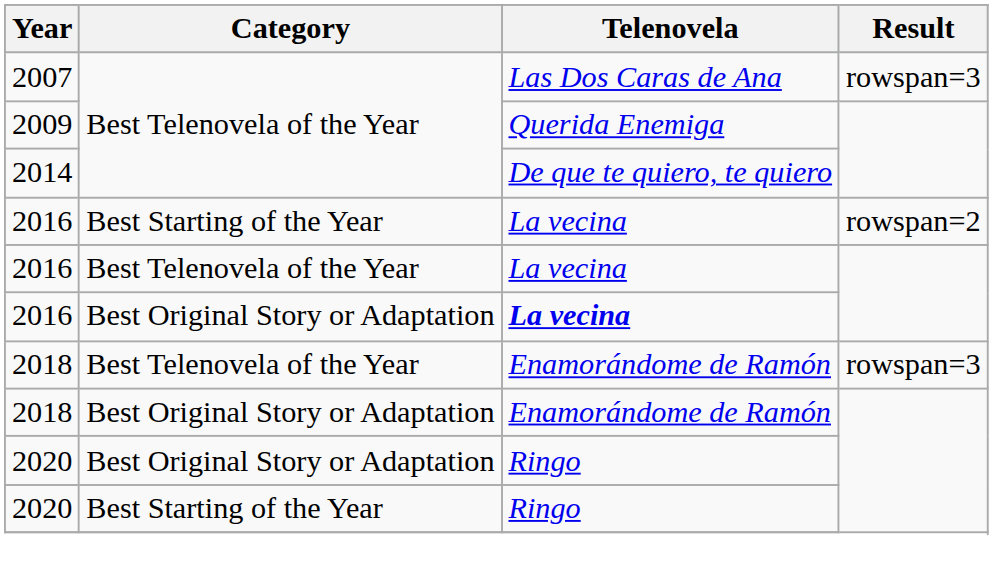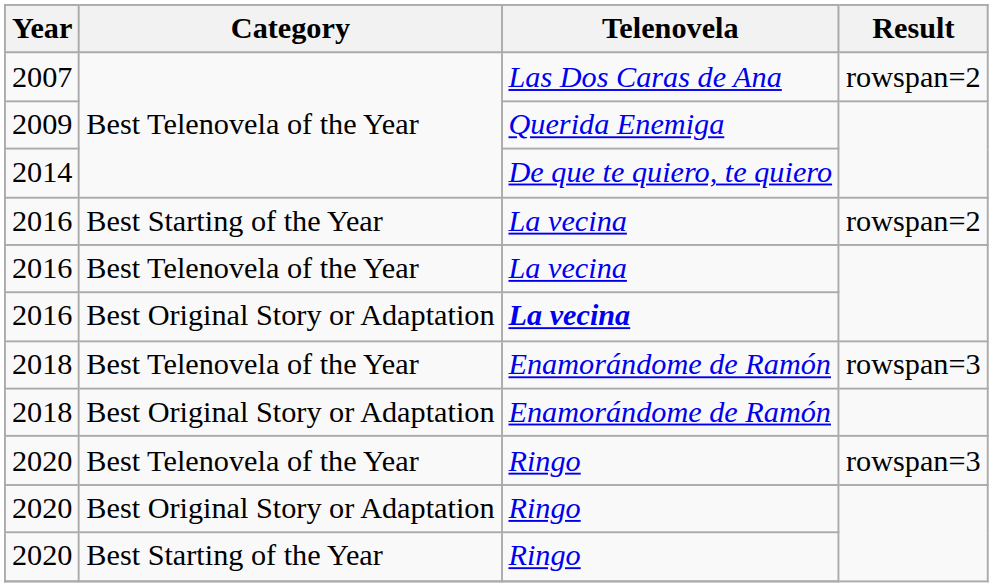 <table class="wikitable">
 <tr style="background:#b0c4de;">
 <th>Year</th>
 <th>Category</th>
 <th>Telenovela</th>
 <th>Result</th>
 </tr>
 <tr>
 <td>2007</td>
 <td rowspan=3>Best Telenovela of the Year</td>
 <td><em><a href='#'>Las Dos Caras de Ana</a></em></td>
-<td>rowspan=3 </td>
+<td>rowspan=2 </td>
 </tr>
 <tr>
 <td>2009</td>
 <td><em><a href='#'>Querida Enemiga</a></em></td>
 </tr>
 <tr>
 <td>2014</td>
 <td><em><a href='#'>De que te quiero, te quiero</a></em></td>
 </tr>
 <tr>
 <td>2016</td>
 <td>Best Starting of the Year</td>
 <td><em><a href='#'>La vecina</a></em></td>
 <td>rowspan=2 </td>
 </tr>
 <tr>
 <td>2016</td>
 <td>Best Telenovela of the Year</td>
 <td><em><a href='#'>La vecina</a></em></td>
 </tr>
 <tr>
 <td>2016</td>
 <td>Best Original Story or Adaptation</td>
 <td><strong><em><a href='#'>La vecina</a></em></strong></td>
 </tr>
 <tr>
 <td>2018</td>
 <td>Best Telenovela of the Year</td>
 <td><em><a href='#'>Enamorándome de Ramón</a></em></td>
 <td>rowspan=3 </td>
 </tr>
 <tr>
 <td>2018</td>
 <td>Best Original Story or Adaptation</td>
 <td><em><a href='#'>Enamorándome de Ramón</a></em></td>
 </tr>
 <tr>
 <td>2020</td>
+<td>Best Telenovela of the Year</td>
+<td><em><a href='#'>Ringo</a></em></td>
+<td>rowspan=3 </td>
+</tr>
+<tr>
+<td>2020</td>
 <td>Best Original Story or Adaptation</td>
 <td><em><a href='#'>Ringo</a></em></td>
 </tr>
 <tr>
 <td>2020</td>
 <td>Best Starting of the Year</td>
 <td><em><a href='#'>Ringo</a></em></td>
 </tr>
 <tr>
 </tr>
 </table>
